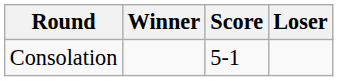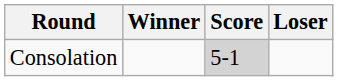 <table class=wikitable>
 <tr>
 <th>Round</th>
 <th>Winner</th>
 <th>Score</th>
 <th>Loser</th>
 </tr>
 <tr>
 <td rowspan=2>Consolation</td>
 <td></td>
-<td>5-1</td>
+<td style="background: lightgrey;">5-1</td>
 <td></td>
 </tr>
 </table>
